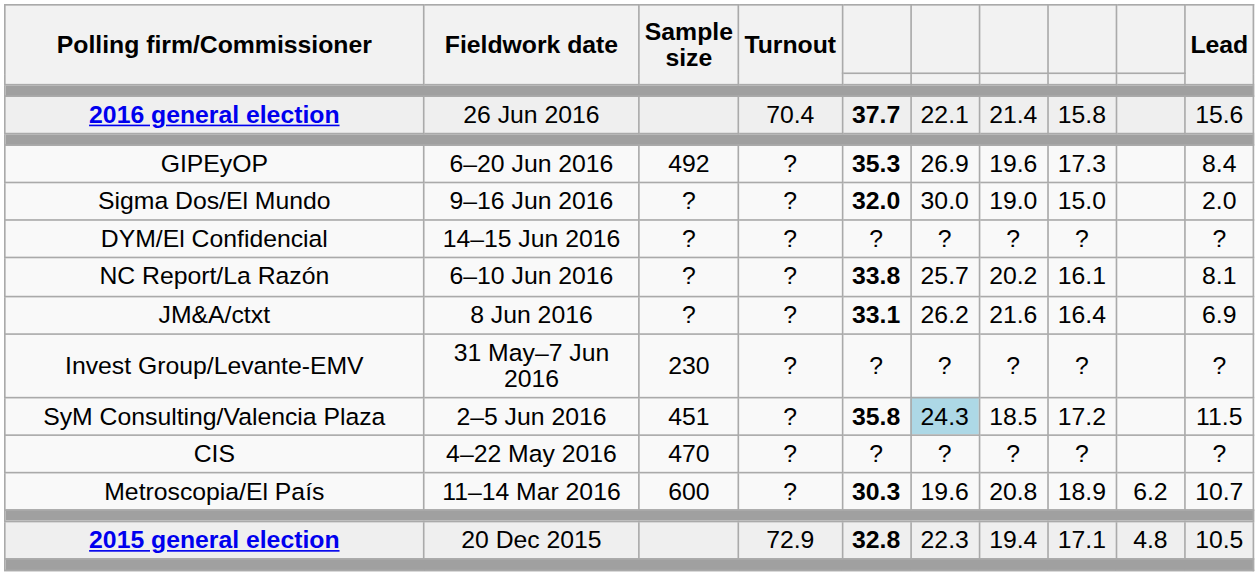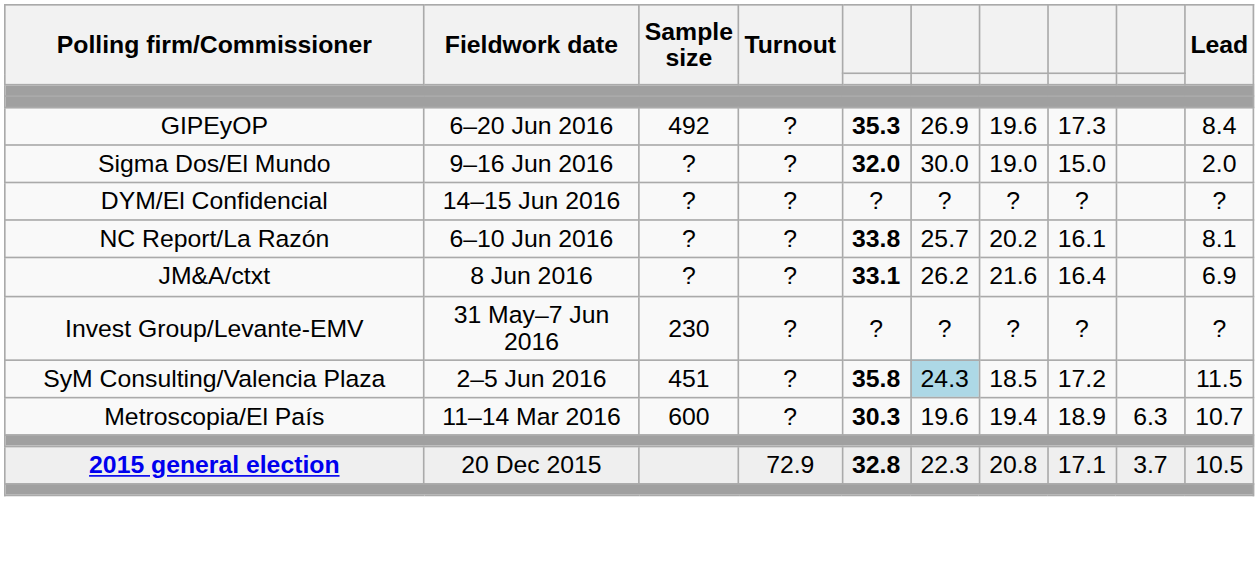 <table class="wikitable collapsible collapsed" style="text-align:center; font-size:95%; line-height:16px;">
 <tr style="height:42px; background-color:#E9E9E9">
 <th style="width:250px;" rowspan="2">Polling firm/Commissioner</th>
 <th style="width:125px;" rowspan="2">Fieldwork date</th>
 <th style="width:50px;" rowspan="2">Sample size</th>
 <th style="width:45px;" rowspan="2">Turnout</th>
 <th style="width:35px;"></th>
 <th style="width:35px;"><br></th>
 <th style="width:35px;"></th>
 <th style="width:35px;"></th>
 <th style="width:35px;"></th>
 <th style="width:30px;" rowspan="2">Lead</th>
 </tr>
 <tr>
 <th style="color:inherit;background:"></th>
 <th style="color:inherit;background:"></th>
 <th style="color:inherit;background:"></th>
 <th style="color:inherit;background:"></th>
 <th style="color:inherit;background:"></th>
 </tr>
 <tr>
 <td colspan="10" style="background:#A0A0A0"></td>
-</tr>
-<tr style="background:#EFEFEF;">
-<td><strong><a href='#'>2016 general election</a></strong></td>
-<td>26 Jun 2016</td>
-<td></td>
-<td>70.4</td>
-<td><strong>37.7</strong><br></td>
-<td>22.1<br></td>
-<td>21.4<br></td>
-<td>15.8<br></td>
-<td></td>
-<td style="background:">15.6</td>
 </tr>
 <tr>
 <td colspan="10" style="background:#A0A0A0"></td>
 </tr>
 <tr>
 <td>GIPEyOP</td>
 <td>6–20 Jun 2016</td>
 <td>492</td>
 <td>?</td>
 <td><strong>35.3</strong><br></td>
 <td>26.9<br></td>
 <td>19.6<br></td>
 <td>17.3<br></td>
 <td></td>
 <td style="background:">8.4</td>
 </tr>
 <tr>
 <td>Sigma Dos/El Mundo</td>
 <td>9–16 Jun 2016</td>
 <td>?</td>
 <td>?</td>
 <td><strong>32.0</strong><br></td>
 <td>30.0<br></td>
 <td>19.0<br></td>
 <td>15.0<br></td>
 <td></td>
 <td style="background:">2.0</td>
 </tr>
 <tr>
 <td>DYM/El Confidencial</td>
 <td>14–15 Jun 2016</td>
 <td>?</td>
 <td>?</td>
 <td>?<br></td>
 <td>?<br></td>
 <td>?<br></td>
 <td>?<br></td>
 <td></td>
 <td style="background:">?</td>
 </tr>
 <tr>
 <td>NC Report/La Razón</td>
 <td>6–10 Jun 2016</td>
 <td>?</td>
 <td>?</td>
 <td><strong>33.8</strong><br></td>
 <td>25.7<br></td>
 <td>20.2<br></td>
 <td>16.1<br></td>
 <td></td>
 <td style="background:">8.1</td>
 </tr>
 <tr>
 <td>JM&A/ctxt</td>
 <td>8 Jun 2016</td>
 <td>?</td>
 <td>?</td>
 <td><strong>33.1</strong><br></td>
 <td>26.2<br></td>
 <td>21.6<br></td>
 <td>16.4<br></td>
 <td></td>
 <td style="background:">6.9</td>
 </tr>
 <tr>
 <td>Invest Group/Levante-EMV</td>
 <td>31 May–7 Jun 2016</td>
 <td>230</td>
 <td>?</td>
 <td>?<br></td>
 <td>?<br></td>
 <td>?<br></td>
 <td>?<br></td>
 <td></td>
 <td style="background:">?</td>
 </tr>
 <tr>
 <td>SyM Consulting/Valencia Plaza</td>
 <td>2–5 Jun 2016</td>
 <td>451</td>
 <td>?</td>
 <td><strong>35.8</strong><br></td>
 <td style="background: lightblue;">24.3<br></td>
 <td>18.5<br></td>
 <td>17.2<br></td>
 <td></td>
 <td style="background:">11.5</td>
 </tr>
 <tr>
-<td>CIS</td>
-<td>4–22 May 2016</td>
-<td>470</td>
-<td>?</td>
-<td>?<br></td>
-<td>?<br></td>
-<td>?<br></td>
-<td>?<br></td>
-<td></td>
-<td style="background:">?</td>
-</tr>
-<tr>
 <td>Metroscopia/El País</td>
 <td>11–14 Mar 2016</td>
 <td>600</td>
 <td>?</td>
 <td><strong>30.3</strong><br></td>
 <td>19.6<br></td>
-<td>20.8<br></td>
+<td>19.4<br></td>
 <td>18.9<br></td>
-<td>6.2<br></td>
+<td>6.3<br></td>
 <td style="background:">10.7</td>
 </tr>
 <tr>
 <td colspan="10" style="background:#A0A0A0"></td>
 </tr>
 <tr style="background:#EFEFEF;">
 <td><strong><a href='#'>2015 general election</a></strong></td>
 <td>20 Dec 2015</td>
 <td></td>
 <td>72.9</td>
 <td><strong>32.8</strong><br></td>
 <td>22.3<br></td>
-<td>19.4<br></td>
+<td>20.8<br></td>
 <td>17.1<br></td>
-<td>4.8<br></td>
+<td>3.7<br></td>
 <td style="background:">10.5</td>
 </tr>
 <tr>
 <td colspan="10" style="background:#A0A0A0"></td>
 </tr>
 </table>
